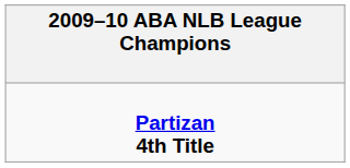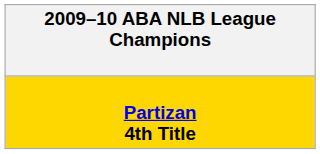 <table class="wikitable" style="margin: 0 auto; width: 30%;">
 <tr>
 <th>2009–10 ABA NLB League Champions<br><br></th>
 </tr>
 <tr>
-<td align=center><br><strong><a href='#'>Partizan</a></strong><br><strong>4th Title</strong></td>
+<td align=center style="background: gold;"><br><strong><a href='#'>Partizan</a></strong><br><strong>4th Title</strong></td>
 </tr>
 </table>
